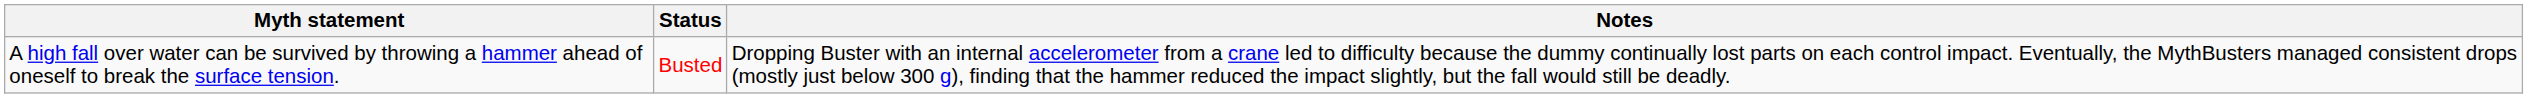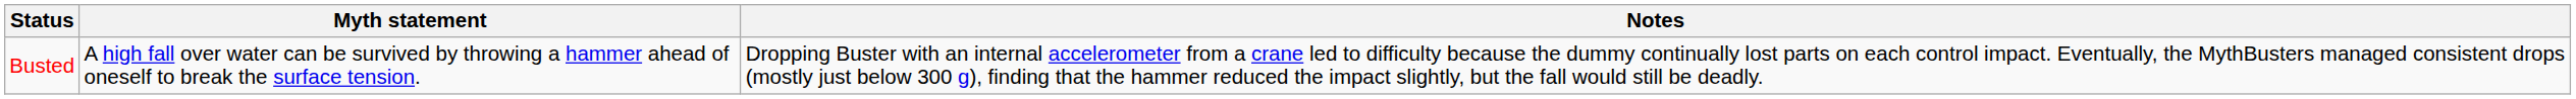 <table class="wikitable plainrowheaders">
 <tr>
+<th>Status</th>
 <th>Myth statement</th>
-<th>Status</th>
 <th>Notes</th>
 </tr>
 <tr>
+<td style="color:red">Busted</td>
 <td>A <a href='#'>high fall</a> over water can be survived by throwing a <a href='#'>hammer</a> ahead of oneself to break the <a href='#'>surface tension</a>.</td>
-<td style="color:red">Busted</td>
 <td>Dropping Buster with an internal <a href='#'>accelerometer</a> from a <a href='#'>crane</a> led to difficulty because the dummy continually lost parts on each control impact. Eventually, the MythBusters managed consistent drops (mostly just below 300 <a href='#'>g</a>), finding that the hammer reduced the impact slightly, but the  fall would still be deadly.</td>
 </tr>
 </table>
